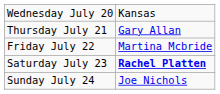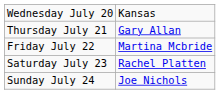 <table class="wikitable">
 <tr>
 <td>Wednesday July 20</td>
 <td>Kansas</td>
 </tr>
 <tr>
 <td>Thursday July 21</td>
 <td><a href='#'>Gary Allan</a></td>
 </tr>
 <tr>
 <td>Friday July 22</td>
 <td><a href='#'>Martina Mcbride</a></td>
 </tr>
 <tr>
 <td>Saturday July 23</td>
-<td><strong><a href='#'>Rachel Platten</a></strong></td>
+<td><a href='#'>Rachel Platten</a></td>
 </tr>
 <tr>
 <td>Sunday July 24</td>
 <td><a href='#'>Joe Nichols</a></td>
 </tr>
 </table>
